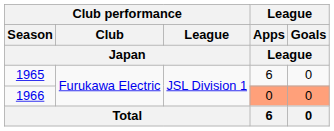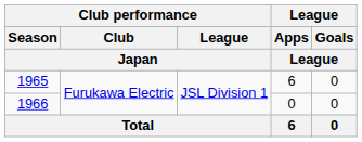 <table class="wikitable" style="text-align:center;">
 <tr>
 <th colspan=3>Club performance</th>
 <th colspan=2>League</th>
 </tr>
 <tr>
 <th>Season</th>
 <th>Club</th>
 <th>League</th>
 <th>Apps</th>
 <th>Goals</th>
 </tr>
 <tr>
 <th colspan=3>Japan</th>
 <th colspan=2>League</th>
 </tr>
 <tr>
 <td><a href='#'>1965</a></td>
 <td rowspan="2"><a href='#'>Furukawa Electric</a></td>
 <td rowspan="2"><a href='#'>JSL Division 1</a></td>
 <td>6</td>
 <td>0</td>
 </tr>
 <tr>
 <td><a href='#'>1966</a></td>
-<td style="background: lightsalmon;">0</td>
-<td style="background: lightsalmon;">0</td>
+<td>0</td>
+<td>0</td>
 </tr>
 <tr>
 <th colspan=3>Total</th>
 <th>6</th>
 <th>0</th>
 </tr>
 </table>
